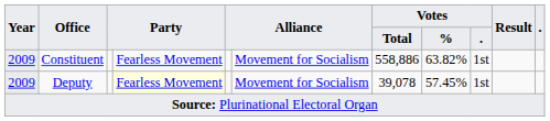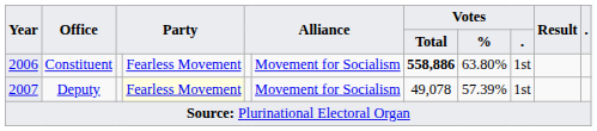 <table class="wikitable" style="font-size:90%; text-align:center;">
 <tr>
 <th style="background-color:#EAECF0;" rowspan=2>Year</th>
 <th style="background-color:#EAECF0;" rowspan=2>Office</th>
 <th style="background-color:#EAECF0;" colspan=2 rowspan=2>Party</th>
 <th style="background-color:#EAECF0;" colspan=2 rowspan=2>Alliance</th>
 <th style="background-color:#EAECF0;" colspan=3>Votes</th>
 <th style="background-color:#EAECF0;" rowspan=2>Result</th>
 <th style="background-color:#EAECF0;" rowspan=2>.</th>
 </tr>
 <tr>
 <th style="background-color:#EAECF0;">Total</th>
 <th style="background-color:#EAECF0;">%</th>
 <th style="background-color:#EAECF0;">.</th>
 </tr>
 <tr>
-<td style="background-color:#EAECF0;"><a href='#'>2009</a></td>
+<td style="background-color:#EAECF0;"><a href='#'>2006</a></td>
 <td><a href='#'>Constituent</a></td>
 <td style="background-color:"></td>
 <td><a href='#'>Fearless Movement</a></td>
 <td style="background-color:"></td>
 <td><a href='#'>Movement for Socialism</a></td>
-<td>558,886</td>
-<td>63.82%</td>
+<td><strong>558,886</strong></td>
+<td>63.80%</td>
 <td>1st</td>
 <td></td>
 <td></td>
 </tr>
 <tr>
-<td style="background-color:#EAECF0;"><a href='#'>2009</a></td>
+<td style="background-color:#EAECF0;"><a href='#'>2007</a></td>
 <td><a href='#'>Deputy</a></td>
 <td style="background-color:"></td>
 <td style="background: lightyellow;"><a href='#'>Fearless Movement</a></td>
 <td style="background-color:"></td>
 <td><a href='#'>Movement for Socialism</a></td>
-<td>39,078</td>
-<td>57.45%</td>
+<td>49,078</td>
+<td>57.39%</td>
 <td>1st</td>
 <td></td>
 <td></td>
 </tr>
 <tr>
 <td style="background-color:#EAECF0;" colspan=11><strong>Source:</strong> <a href='#'>Plurinational Electoral Organ</a>  </td>
 </tr>
 </table>
